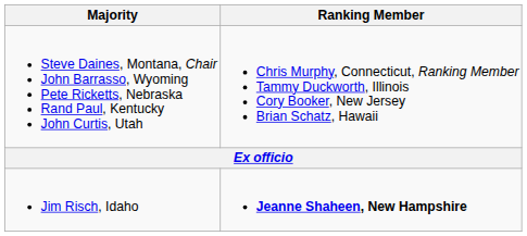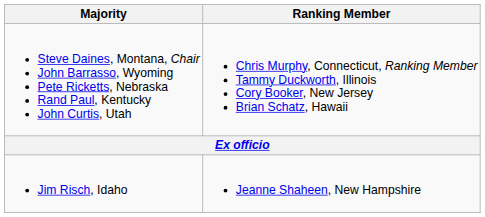 <table class=wikitable>
 <tr>
 <th>Majority</th>
 <th>Ranking Member</th>
 </tr>
 <tr>
 <td><br><ul><li><a href='#'>Steve Daines</a>, Montana, <em>Chair</em></li><li><a href='#'>John Barrasso</a>, Wyoming</li><li><a href='#'>Pete Ricketts</a>, Nebraska</li><li><a href='#'>Rand Paul</a>, Kentucky</li><li><a href='#'>John Curtis</a>, Utah</li></ul></td>
 <td><br><ul><li><a href='#'>Chris Murphy</a>, Connecticut, <em>Ranking Member</em></li><li><a href='#'>Tammy Duckworth</a>, Illinois</li><li><a href='#'>Cory Booker</a>, New Jersey</li><li><a href='#'>Brian Schatz</a>, Hawaii</li></ul></td>
 </tr>
 <tr>
 <th colspan=2><em><a href='#'>Ex officio</a></em></th>
 </tr>
 <tr>
 <td><br><ul><li><a href='#'>Jim Risch</a>, Idaho</li></ul></td>
-<td><strong><br><ul><li><a href='#'>Jeanne Shaheen</a>, New Hampshire</li></ul></strong></td>
+<td><br><ul><li><a href='#'>Jeanne Shaheen</a>, New Hampshire</li></ul></td>
 </tr>
 </table>
